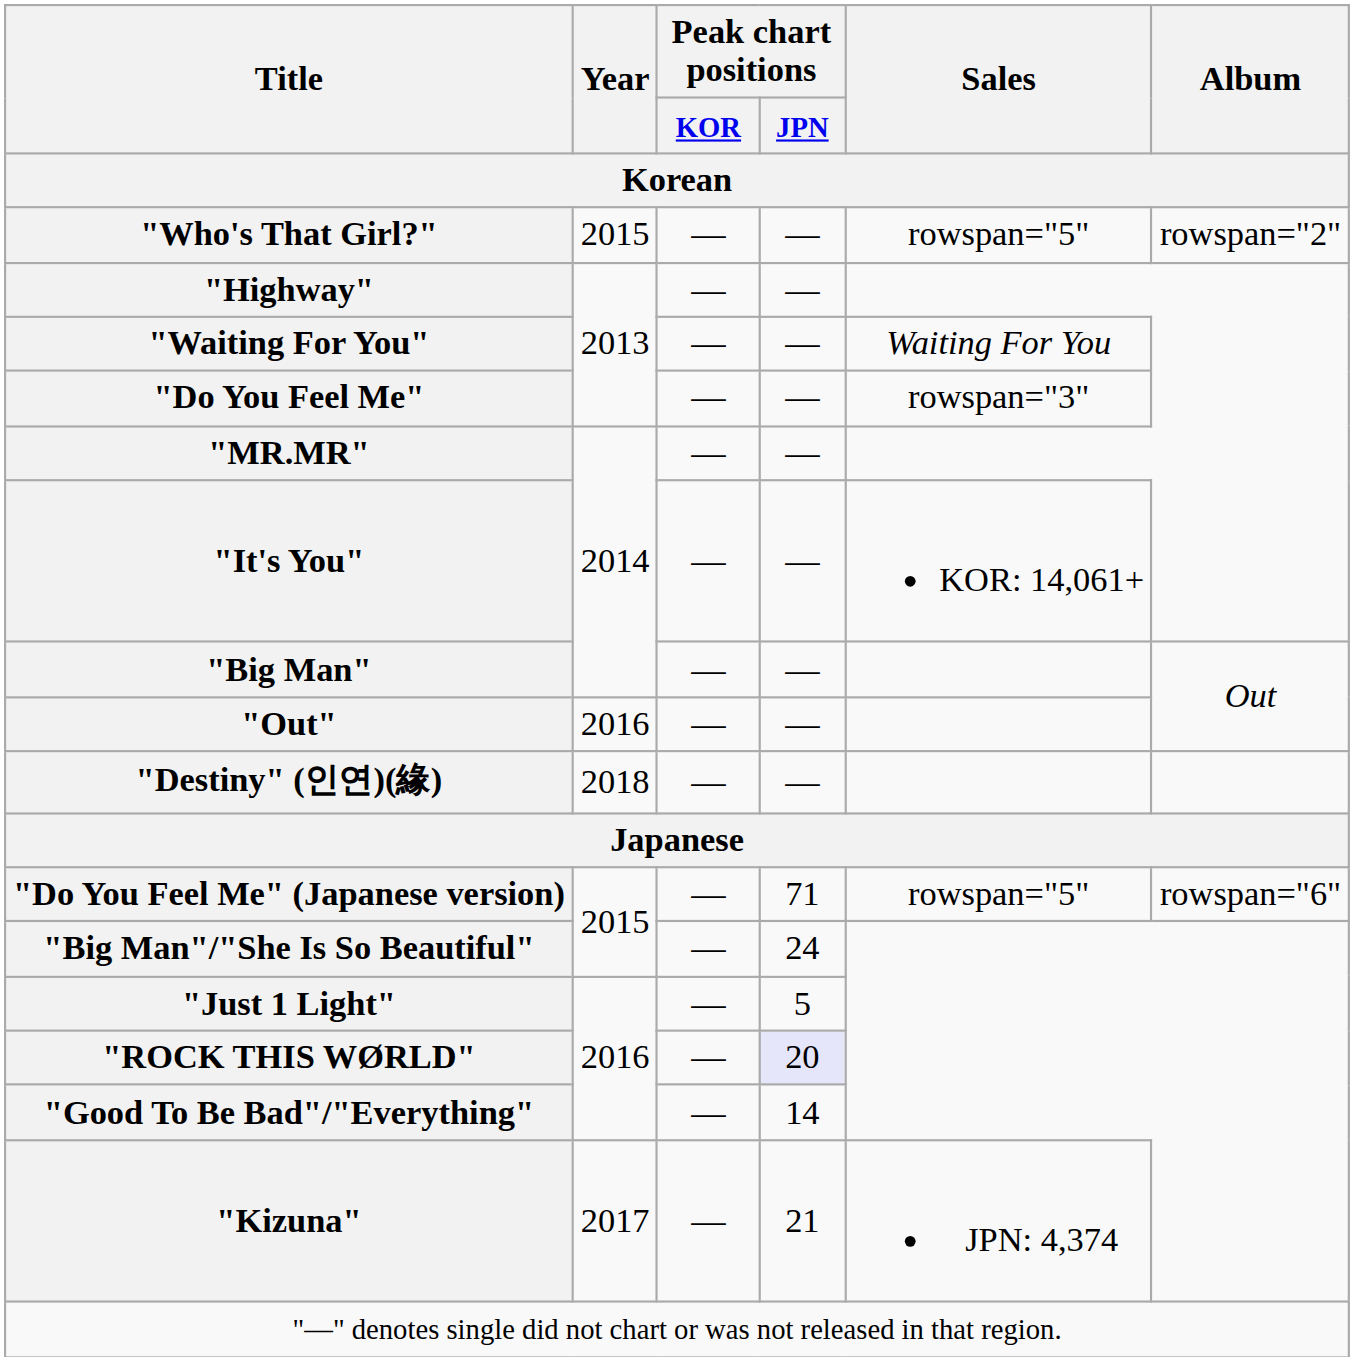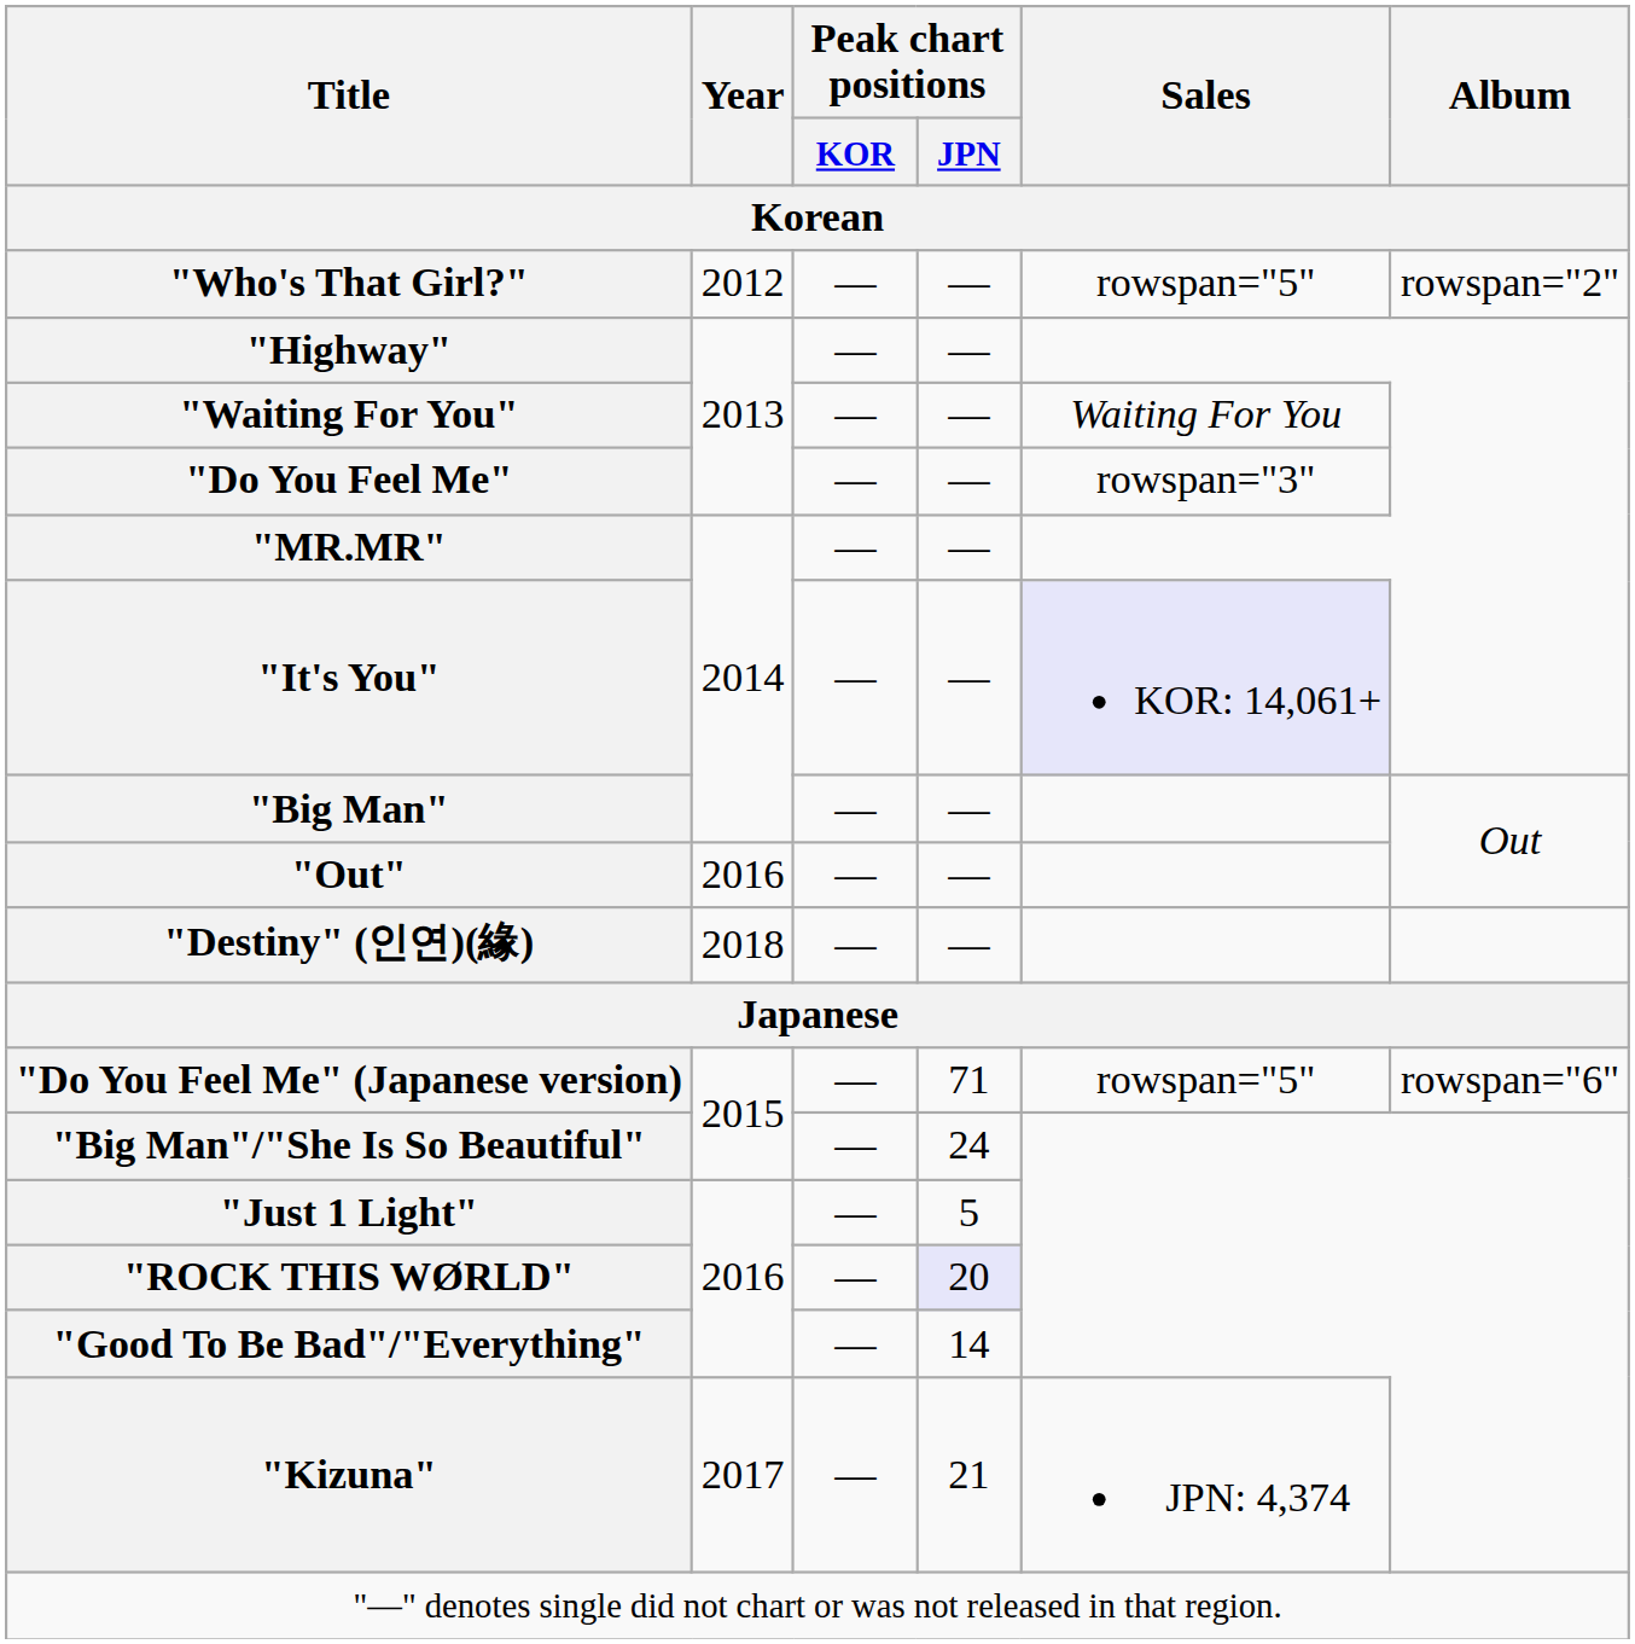 <table class="wikitable plainrowheaders" style="text-align:center;">
 <tr>
 <th scope="col" rowspan="2">Title</th>
 <th scope="col" rowspan="2">Year</th>
 <th scope="col" colspan="2" style="width:5em;">Peak chart positions</th>
 <th scope="col" rowspan="2">Sales</th>
 <th scope="col" rowspan="2">Album</th>
 </tr>
 <tr>
 <th><small><a href='#'>KOR</a></small><br></th>
 <th><small><a href='#'>JPN</a></small><br></th>
 </tr>
 <tr>
 <th scope="col" colspan="6">Korean</th>
 </tr>
 <tr>
 <th scope="row">"Who's That Girl?"</th>
-<td>2015</td>
+<td>2012</td>
 <td>—</td>
 <td>—</td>
 <td>rowspan="5" </td>
 <td>rowspan="2" </td>
 </tr>
 <tr>
 <th scope="row">"Highway"</th>
 <td rowspan="3">2013</td>
 <td>—</td>
 <td>—</td>
 </tr>
 <tr>
 <th scope="row">"Waiting For You"</th>
 <td>—</td>
 <td>—</td>
 <td rowspan="1"><em>Waiting For You</em></td>
 </tr>
 <tr>
 <th scope="row">"Do You Feel Me"</th>
 <td>—</td>
 <td>—</td>
 <td>rowspan="3" </td>
 </tr>
 <tr>
 <th scope="row">"MR.MR"</th>
 <td rowspan="3">2014</td>
 <td>—</td>
 <td>—</td>
 </tr>
 <tr>
 <th scope="row">"It's You"</th>
 <td>—</td>
 <td>—</td>
-<td><br><ul><li>KOR: 14,061+</li></ul></td>
+<td style="background: lavender;"><br><ul><li>KOR: 14,061+</li></ul></td>
 </tr>
 <tr>
 <th scope="row">"Big Man"</th>
 <td>—</td>
 <td>—</td>
 <td></td>
 <td rowspan="2"><em>Out</em></td>
 </tr>
 <tr>
 <th scope="row">"Out"</th>
 <td>2016</td>
 <td>—</td>
 <td>—</td>
 <td></td>
 </tr>
 <tr>
 <th scope="row">"Destiny" (인연)(緣)</th>
 <td>2018</td>
 <td>—</td>
 <td>—</td>
 <td></td>
 <td></td>
 </tr>
 <tr>
 <th scope="col" colspan="6">Japanese</th>
 </tr>
 <tr>
 <th scope="row">"Do You Feel Me" (Japanese version)</th>
 <td rowspan="2">2015</td>
 <td>—</td>
 <td>71</td>
 <td>rowspan="5" </td>
 <td>rowspan="6" </td>
 </tr>
 <tr>
 <th scope="row">"Big Man"/"She Is So Beautiful"</th>
 <td>—</td>
 <td>24</td>
 </tr>
 <tr>
 <th scope="row">"Just 1 Light"</th>
 <td rowspan="3">2016</td>
 <td>—</td>
 <td>5</td>
 </tr>
 <tr>
 <th scope="row">"ROCK THIS WØRLD"</th>
 <td>—</td>
 <td style="background: lavender;">20</td>
 </tr>
 <tr>
 <th scope="row">"Good To Be Bad"/"Everything"</th>
 <td>—</td>
 <td>14</td>
 </tr>
 <tr>
 <th scope="row">"Kizuna"</th>
 <td>2017</td>
 <td>—</td>
 <td>21</td>
 <td><br><ul><li>JPN: 4,374</li></ul></td>
 </tr>
 <tr>
 <td colspan="6" align="center"><small>"—" denotes single did not chart or was not released in that region.</small></td>
 </tr>
 </table>
